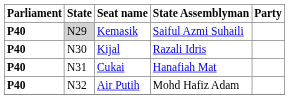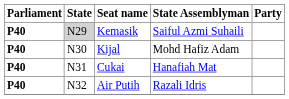 <table class="toccolours sortable" border="1" cellpadding="3" style="border-collapse:collapse; text-align: left;">
 <tr>
 <th align="center">Parliament</th>
 <th>State</th>
 <th>Seat name</th>
 <th>State Assemblyman</th>
 <th>Party</th>
 </tr>
 <tr>
 <th align="left">P40</th>
 <td style="background: lightgrey;">N29</td>
 <td><a href='#'>Kemasik</a></td>
 <td><a href='#'>Saiful Azmi Suhaili</a></td>
 <td></td>
 </tr>
 <tr>
 <th align="left">P40</th>
 <td>N30</td>
 <td><a href='#'>Kijal</a></td>
-<td><a href='#'>Razali Idris</a></td>
+<td>Mohd Hafiz Adam</td>
 <td></td>
 </tr>
 <tr>
 <th align="left">P40</th>
 <td>N31</td>
 <td><a href='#'>Cukai</a></td>
 <td><a href='#'>Hanafiah Mat</a></td>
 <td></td>
 </tr>
 <tr>
 <th align="left">P40</th>
 <td>N32</td>
 <td><a href='#'>Air Putih</a></td>
-<td>Mohd Hafiz Adam</td>
+<td><a href='#'>Razali Idris</a></td>
 <td></td>
 </tr>
 <tr>
 </tr>
 </table>
